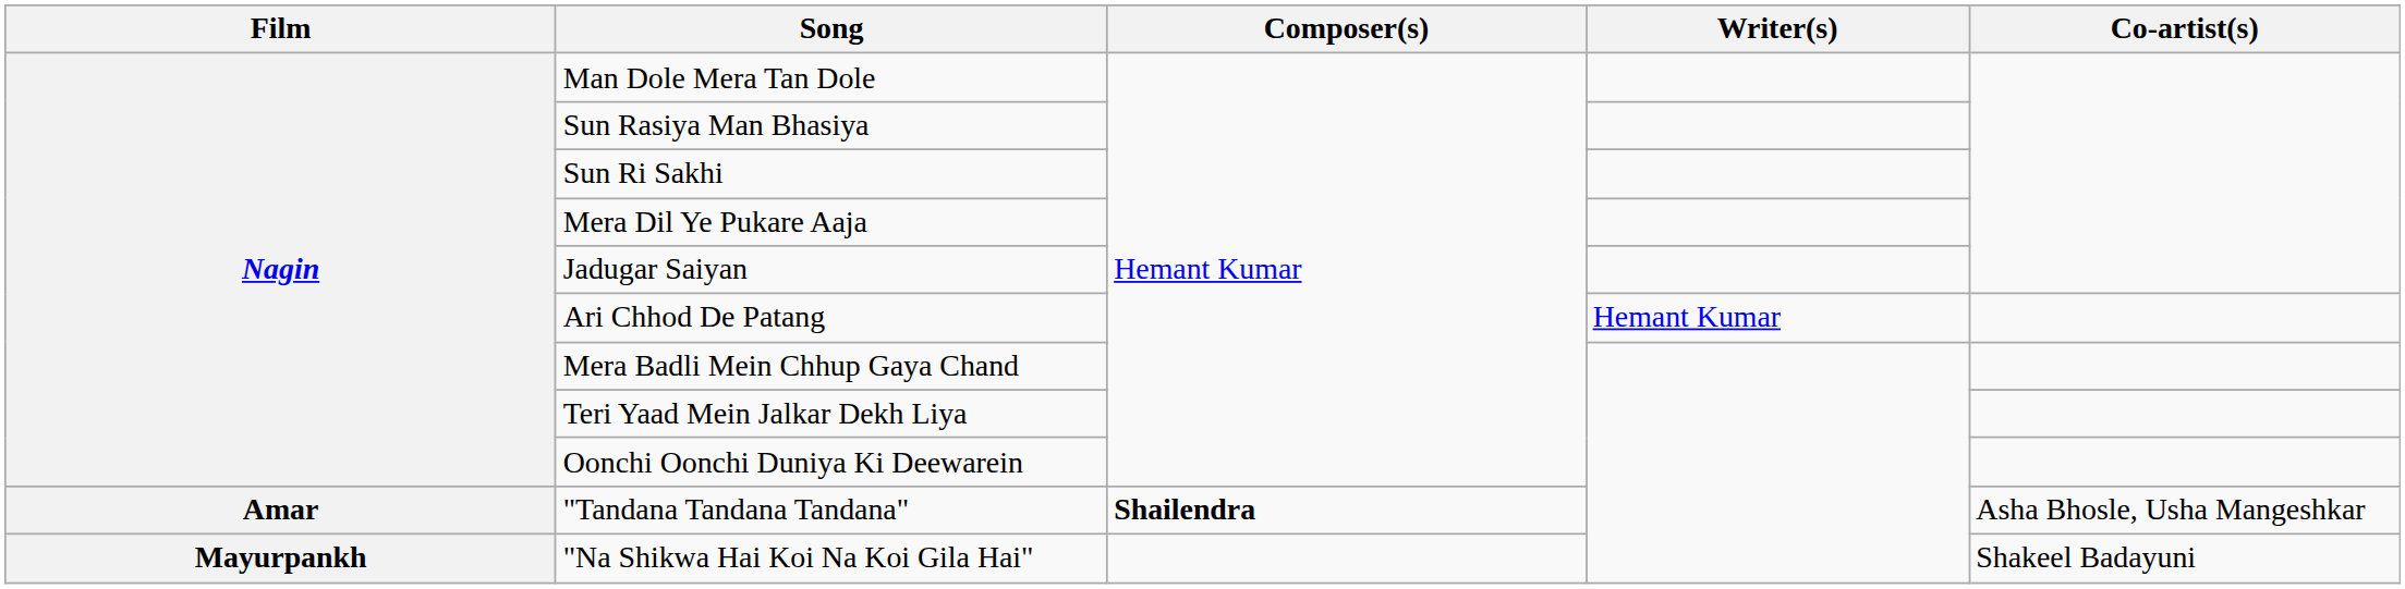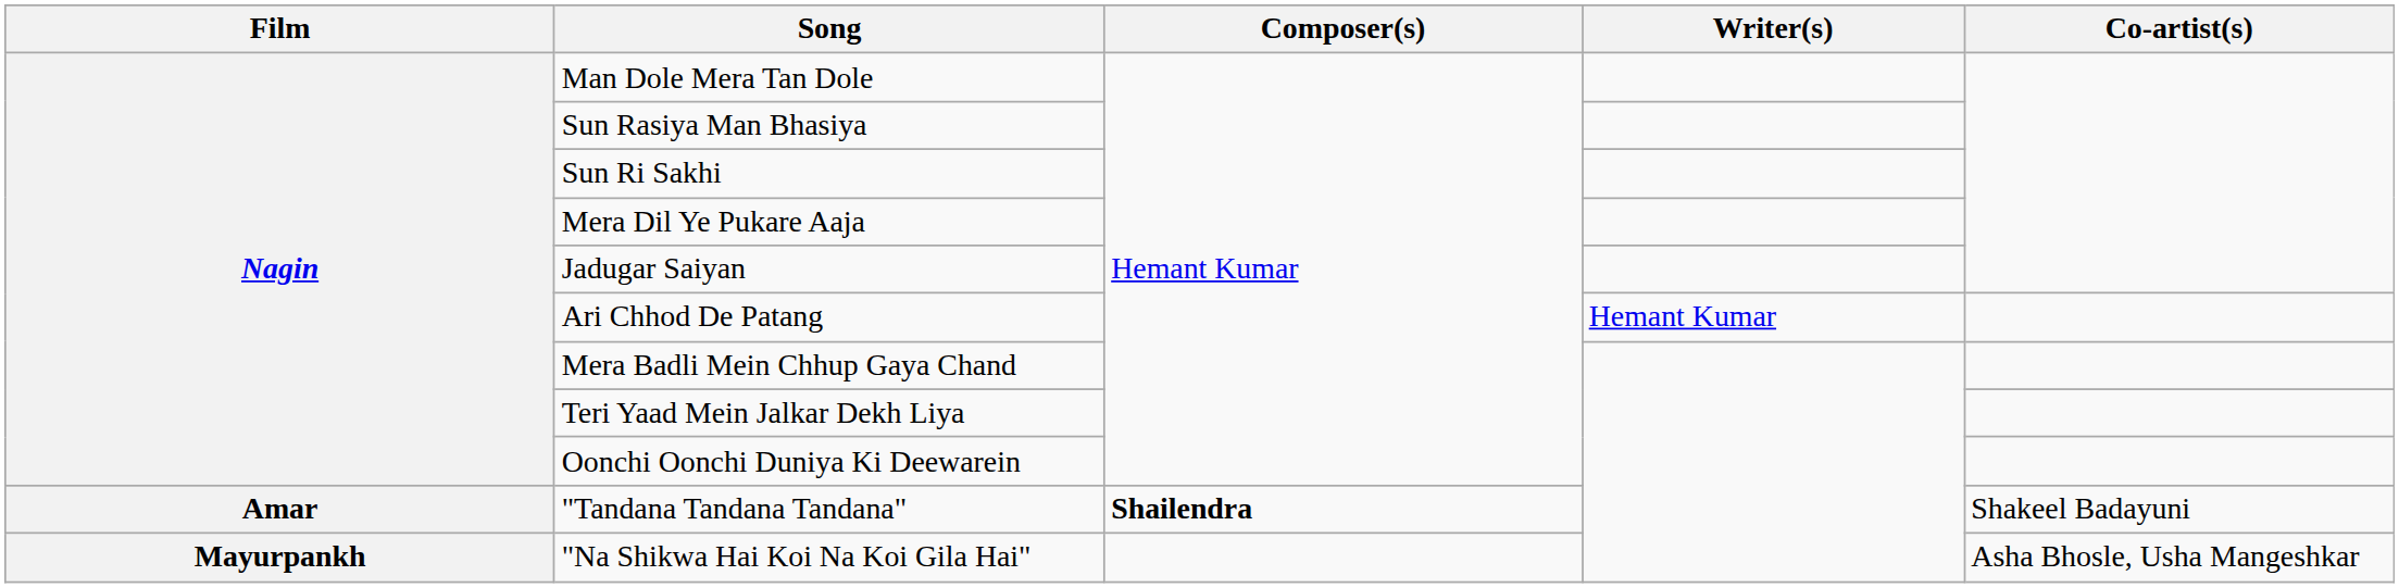 <table class="wikitable plainrowheaders" style="width:100%; textcolor:#000">
 <tr style="background:#b0e0e66;">
 <th scope="col" style="width:23%;"><strong>Film</strong></th>
 <th scope="col" style="width:23%;"><strong>Song</strong></th>
 <th scope="col" style="width:20%;"><strong>Composer(s)</strong></th>
 <th scope="col" style="width:16%;"><strong>Writer(s)</strong></th>
 <th scope="col" style="width:18%;"><strong>Co-artist(s)</strong></th>
 </tr>
 <tr>
 <th rowspan="9"><em><a href='#'>Nagin</a></em></th>
 <td>Man Dole Mera Tan Dole</td>
 <td rowspan="9"><a href='#'>Hemant Kumar</a></td>
 <td></td>
 </tr>
 <tr>
 <td>Sun Rasiya Man Bhasiya</td>
 <td></td>
 </tr>
 <tr>
 <td>Sun Ri Sakhi</td>
 <td></td>
 </tr>
 <tr>
 <td>Mera Dil Ye Pukare Aaja</td>
 <td></td>
 </tr>
 <tr>
 <td>Jadugar Saiyan</td>
 <td></td>
 </tr>
 <tr>
 <td>Ari Chhod De Patang</td>
 <td><a href='#'>Hemant Kumar</a></td>
 <td></td>
 </tr>
 <tr>
 <td>Mera Badli Mein Chhup Gaya Chand</td>
 <td rowspan="6"></td>
 <td></td>
 </tr>
 <tr>
 <td>Teri Yaad Mein Jalkar Dekh Liya</td>
 <td></td>
 </tr>
 <tr>
 <td>Oonchi Oonchi Duniya Ki Deewarein</td>
 <td></td>
 </tr>
 <tr>
 <th>Amar</th>
 <td>"Tandana Tandana Tandana"</td>
 <td><strong>Shailendra</strong></td>
-<td>Asha Bhosle, Usha Mangeshkar</td>
+<td>Shakeel Badayuni</td>
 </tr>
 <tr>
 <th>Mayurpankh</th>
 <td>"Na Shikwa Hai Koi Na Koi Gila Hai"</td>
 <td></td>
-<td>Shakeel Badayuni</td>
+<td>Asha Bhosle, Usha Mangeshkar</td>
 </tr>
 </table>
